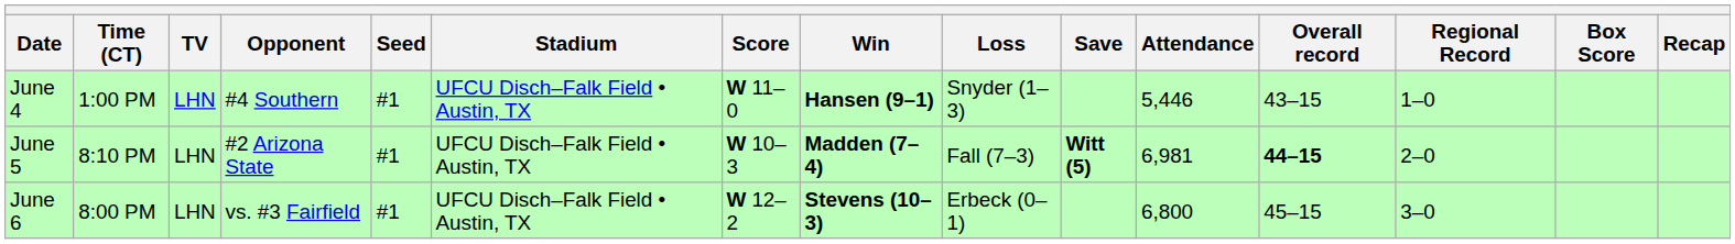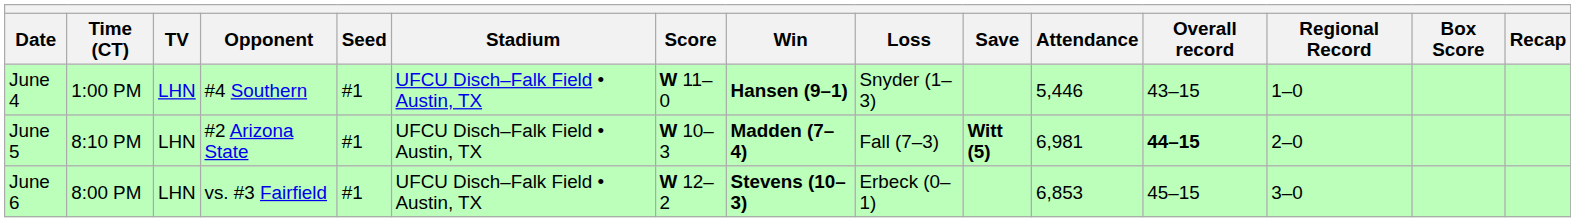 <table class="wikitable collapsible collapsed" style="margin:auto; font-size:95%; width:100%">
 <tr>
 <th colspan=15 style="padding-left:4em;"></th>
 </tr>
 <tr>
 <th>Date</th>
 <th>Time (CT)</th>
 <th>TV</th>
 <th>Opponent</th>
 <th>Seed</th>
 <th>Stadium</th>
 <th>Score</th>
 <th>Win</th>
 <th>Loss</th>
 <th>Save</th>
 <th>Attendance</th>
 <th>Overall record</th>
 <th>Regional Record</th>
 <th>Box Score</th>
 <th>Recap</th>
 </tr>
 <tr bgcolor= bbffbb>
 <td>June 4</td>
 <td>1:00 PM</td>
 <td><a href='#'>LHN</a></td>
 <td>#4 <a href='#'>Southern</a></td>
 <td>#1</td>
 <td><a href='#'>UFCU Disch–Falk Field</a> • <a href='#'>Austin, TX</a></td>
 <td><strong>W</strong> 11–0</td>
 <td><strong>Hansen (9–1)</strong></td>
 <td>Snyder (1–3)</td>
 <td></td>
 <td>5,446</td>
 <td>43–15</td>
 <td>1–0</td>
 <td></td>
 <td></td>
 </tr>
 <tr bgcolor= Bbffbb>
 <td>June 5</td>
 <td>8:10 PM</td>
 <td>LHN</td>
 <td>#2 <a href='#'>Arizona State</a></td>
 <td>#1</td>
 <td>UFCU Disch–Falk Field • Austin, TX</td>
 <td><strong>W</strong> 10–3</td>
 <td><strong>Madden (7–4)</strong></td>
 <td>Fall (7–3)</td>
 <td><strong>Witt (5)</strong></td>
 <td>6,981</td>
 <td><strong>44–15</strong></td>
 <td>2–0</td>
 <td></td>
 <td></td>
 </tr>
 <tr bgcolor= Bbffbb>
 <td>June 6</td>
 <td>8:00 PM</td>
 <td>LHN</td>
 <td>vs. #3 <a href='#'>Fairfield</a></td>
 <td>#1</td>
 <td>UFCU Disch–Falk Field • Austin, TX</td>
 <td><strong>W</strong> 12–2</td>
 <td><strong>Stevens (10–3)</strong></td>
 <td>Erbeck (0–1)</td>
 <td></td>
-<td>6,800</td>
+<td>6,853</td>
 <td>45–15</td>
 <td>3–0</td>
 <td></td>
 <td></td>
 </tr>
 </table>
